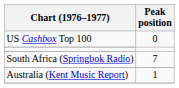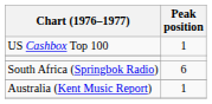 <table class="wikitable sortable">
 <tr>
 <th>Chart (1976–1977)</th>
 <th>Peak<br>position</th>
 </tr>
 <tr>
 <td>US <em><a href='#'>Cashbox</a></em> Top 100</td>
-<td style="text-align:center;">0</td>
+<td style="text-align:center;">1</td>
 </tr>
 <tr>
 </tr>
 <tr>
 </tr>
 <tr>
 </tr>
 <tr>
 </tr>
 <tr>
 <td></td>
 </tr>
 <tr>
 </tr>
 <tr>
 </tr>
 <tr>
 <td>South Africa (<a href='#'>Springbok Radio</a>)</td>
-<td align="center">7</td>
+<td align="center">6</td>
 </tr>
 <tr>
 </tr>
 <tr>
 </tr>
 <tr>
 </tr>
 <tr>
 </tr>
 <tr>
 <td>Australia (<a href='#'>Kent Music Report</a>)</td>
 <td style="text-align:center;">1</td>
 </tr>
 <tr>
 </tr>
 </table>
